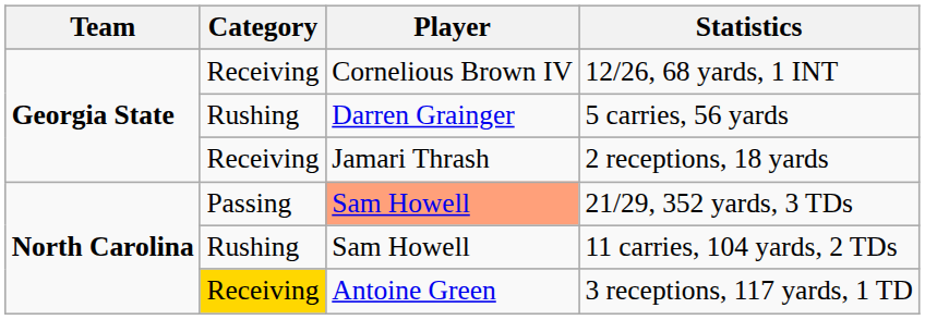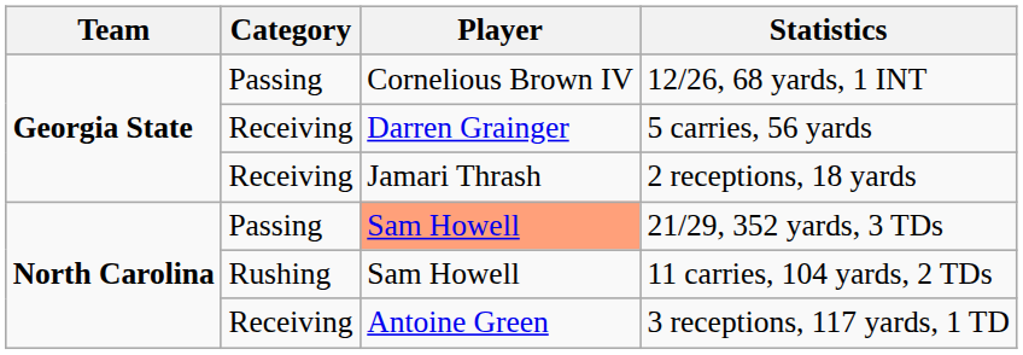 <table class="wikitable" style="float: left;">
 <tr>
 <th>Team</th>
 <th>Category</th>
 <th>Player</th>
 <th>Statistics</th>
 </tr>
 <tr>
 <td rowspan=3><strong>Georgia State</strong></td>
-<td>Receiving</td>
+<td>Passing</td>
 <td>Cornelious Brown IV</td>
 <td>12/26, 68 yards, 1 INT</td>
 </tr>
 <tr>
-<td>Rushing</td>
+<td>Receiving</td>
 <td><a href='#'>Darren Grainger</a></td>
 <td>5 carries, 56 yards</td>
 </tr>
 <tr>
 <td>Receiving</td>
 <td>Jamari Thrash</td>
 <td>2 receptions, 18 yards</td>
 </tr>
 <tr>
 <td rowspan=3><strong>North Carolina</strong></td>
 <td>Passing</td>
 <td style="background: lightsalmon;"><a href='#'>Sam Howell</a></td>
 <td>21/29, 352 yards, 3 TDs</td>
 </tr>
 <tr>
 <td>Rushing</td>
 <td>Sam Howell</td>
 <td>11 carries, 104 yards, 2 TDs</td>
 </tr>
 <tr>
-<td style="background: gold;">Receiving</td>
+<td>Receiving</td>
 <td><a href='#'>Antoine Green</a></td>
 <td>3 receptions, 117 yards, 1 TD</td>
 </tr>
 </table>
